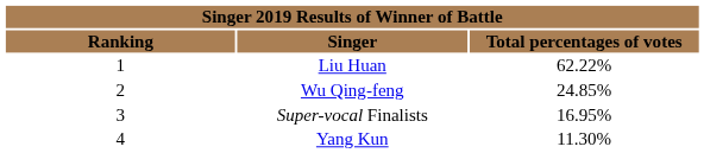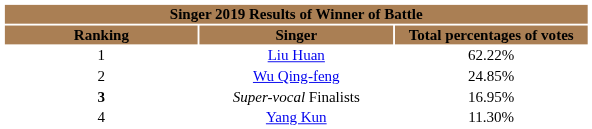 <table width="100%" style="text-align:center">
 <tr style="background:#AA7F54">
 <td colspan="3"><div><strong>Singer 2019 Results of Winner of Battle</strong></div></td>
 </tr>
 <tr style="background:#AA7F54">
 <td style="width:20%"><strong>Ranking</strong></td>
 <td style="width:20%"><strong>Singer</strong></td>
 <td style="width:20%"><strong>Total percentages of votes</strong></td>
 </tr>
 <tr>
 <td>1</td>
 <td><a href='#'>Liu Huan</a></td>
 <td>62.22%</td>
 </tr>
 <tr>
 <td>2</td>
 <td><a href='#'>Wu Qing-feng</a></td>
 <td>24.85%</td>
 </tr>
 <tr>
-<td>3</td>
+<td><strong>3</strong></td>
 <td><em>Super-vocal</em> Finalists</td>
 <td>16.95%</td>
 </tr>
 <tr>
 <td>4</td>
 <td><a href='#'>Yang Kun</a></td>
 <td>11.30%</td>
 </tr>
 </table>
